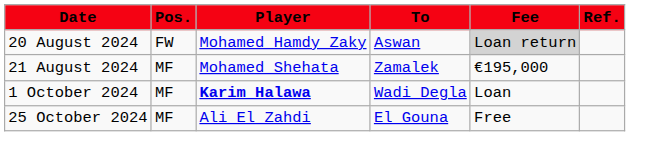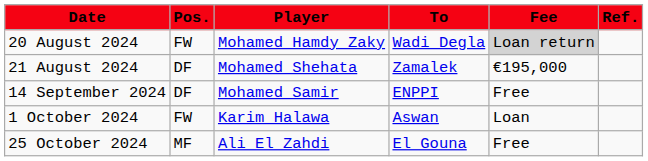 <table class="wikitable plainrowheaders sortable">
 <tr>
 <th style="background:#f50213; color:#fffff; ">Date</th>
 <th style="background:#f50213; color:#fffff; ">Pos.</th>
 <th style="background:#f50213; color:#fffff; ">Player</th>
 <th style="background:#f50213; color:#fffff; ">To</th>
 <th style="background:#f50213; color:#fffff; ">Fee</th>
 <th style="background:#f50213; color:#fffff; ">Ref.</th>
 </tr>
 <tr>
 <td>20 August 2024</td>
 <td>FW</td>
 <td> <a href='#'>Mohamed Hamdy Zaky</a></td>
-<td> <a href='#'>Aswan</a></td>
+<td> <a href='#'>Wadi Degla</a></td>
 <td style="background: lightgrey;">Loan return</td>
 <td></td>
 </tr>
 <tr>
 <td>21 August 2024</td>
-<td>MF</td>
+<td>DF</td>
 <td> <a href='#'>Mohamed Shehata</a></td>
 <td> <a href='#'>Zamalek</a></td>
 <td>€195,000</td>
 <td></td>
 </tr>
 <tr>
+<td>14 September 2024</td>
+<td>DF</td>
+<td> <a href='#'>Mohamed Samir</a></td>
+<td> <a href='#'>ENPPI</a></td>
+<td>Free</td>
+<td></td>
+</tr>
+<tr>
 <td>1 October 2024</td>
-<td>MF</td>
-<td><strong> <a href='#'>Karim Halawa</a></strong></td>
-<td> <a href='#'>Wadi Degla</a></td>
+<td>FW</td>
+<td> <a href='#'>Karim Halawa</a></td>
+<td> <a href='#'>Aswan</a></td>
 <td>Loan</td>
 <td></td>
 </tr>
 <tr>
 <td>25 October 2024</td>
 <td>MF</td>
 <td> <a href='#'>Ali El Zahdi</a></td>
 <td> <a href='#'>El Gouna</a></td>
 <td>Free</td>
 <td></td>
 </tr>
 </table>
